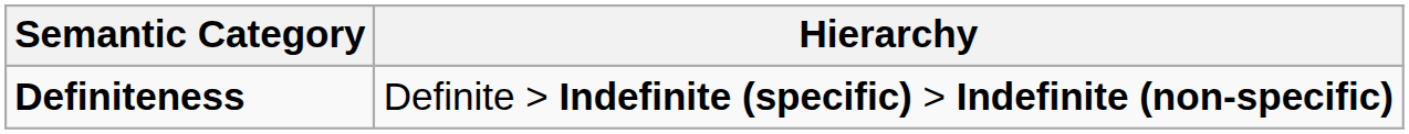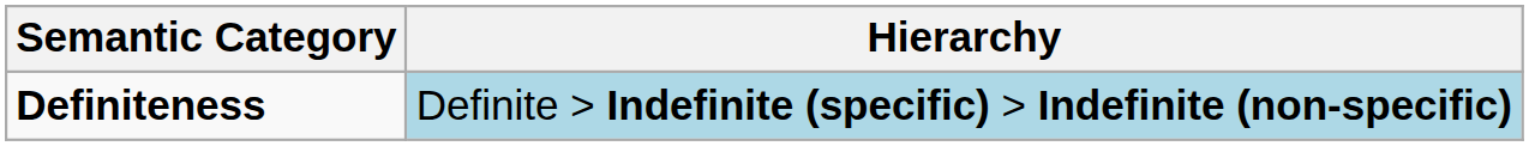 <table class="wikitable">
 <tr>
 <th>Semantic Category</th>
 <th>Hierarchy</th>
 </tr>
 <tr>
 <td><strong>Definiteness<em><strong><em></td>
-<td></em>Definite </strong>><strong> Indefinite (specific) </strong>><strong> Indefinite (non-specific)<em></td>
+<td style="background: lightblue;"></em>Definite </strong>><strong> Indefinite (specific) </strong>><strong> Indefinite (non-specific)<em></td>
 </tr>
 </table>
